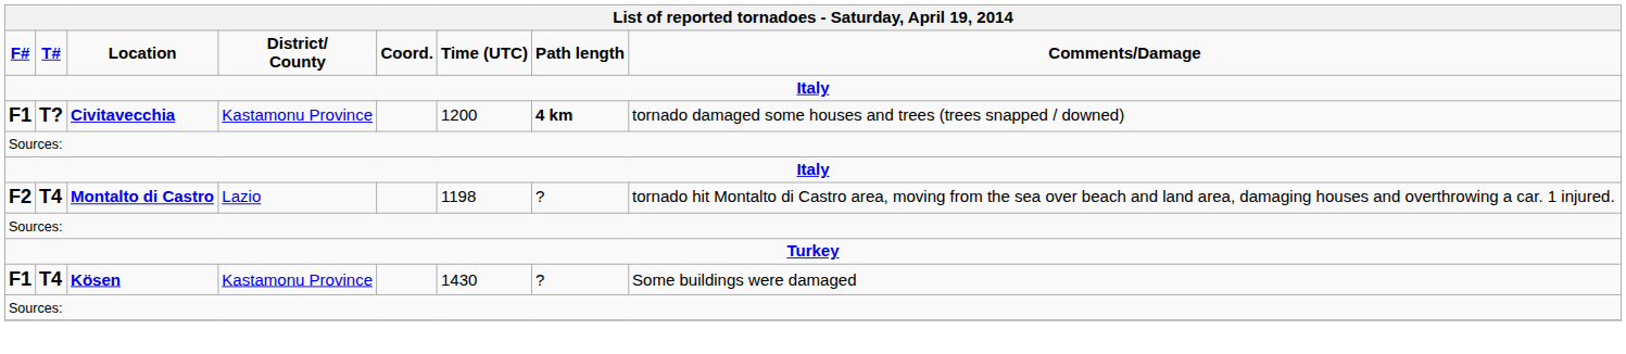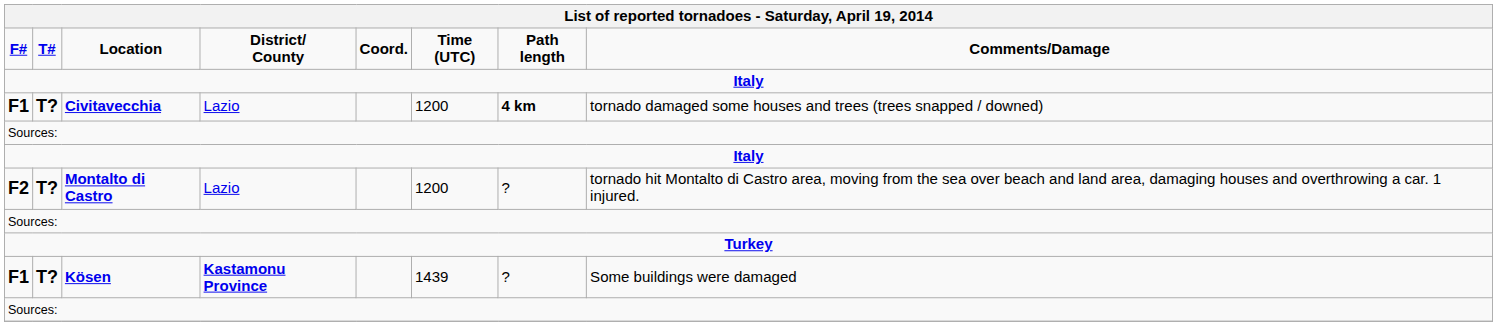 <table class="wikitable collapsible" width="100%">
 <tr>
 <th colspan="8">List of reported tornadoes - Saturday, April 19, 2014</th>
 </tr>
 <tr>
 <td style="text-align: center;"><strong><a href='#'>F#</a></strong></td>
 <td style="text-align: center;"><strong><a href='#'>T#</a></strong></td>
 <td style="text-align: center;"><strong>Location</strong></td>
 <td style="text-align: center;"><strong>District/<br>County</strong></td>
 <td style="text-align: center;"><strong>Coord.</strong></td>
 <td style="text-align: center;"><strong>Time (UTC)</strong></td>
 <td style="text-align: center;"><strong>Path length</strong></td>
 <td style="text-align: center;"><strong>Comments/Damage</strong></td>
 </tr>
 <tr>
 <td colspan="8" align=center><strong><a href='#'>Italy</a></strong></td>
 </tr>
 <tr>
 <td><big><strong>F1</strong></big></td>
 <td><big><strong>T?</strong></big></td>
 <td><strong><a href='#'>Civitavecchia</a></strong></td>
-<td><a href='#'>Kastamonu Province</a></td>
+<td><a href='#'>Lazio</a></td>
 <td></td>
 <td>1200</td>
 <td><strong>4 km</strong></td>
 <td>tornado damaged some houses and trees (trees snapped / downed)</td>
 </tr>
 <tr>
 <td colspan="8"><small>Sources:</small></td>
 </tr>
 <tr>
 <td colspan="8" align=center><strong><a href='#'>Italy</a></strong></td>
 </tr>
 <tr>
 <td><big><strong>F2</strong></big></td>
-<td><big><strong>T4</strong></big></td>
+<td><big><strong>T?</strong></big></td>
 <td><strong><a href='#'>Montalto di Castro</a></strong></td>
 <td><a href='#'>Lazio</a></td>
 <td></td>
-<td>1198</td>
+<td>1200</td>
 <td>?</td>
 <td>tornado hit Montalto di Castro area, moving from the sea over beach and land area, damaging houses and overthrowing a car. 1 injured.</td>
 </tr>
 <tr>
 <td colspan="8"><small>Sources:</small></td>
 </tr>
 <tr>
 <td colspan="8" align=center><strong><a href='#'>Turkey</a></strong></td>
 </tr>
 <tr>
 <td><big><strong>F1</strong></big></td>
-<td><big><strong>T4</strong></big></td>
+<td><big><strong>T?</strong></big></td>
 <td><strong><a href='#'>Kösen</a></strong></td>
-<td><a href='#'>Kastamonu Province</a></td>
+<td><strong><a href='#'>Kastamonu Province</a></strong></td>
 <td></td>
-<td>1430</td>
+<td>1439</td>
 <td>?</td>
 <td>Some buildings were damaged</td>
 </tr>
 <tr>
 <td colspan="8"><small>Sources:</small></td>
 </tr>
 <tr>
 </tr>
 </table>
